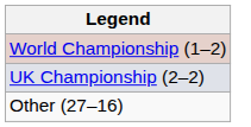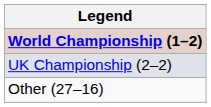 <table class="wikitable">
 <tr>
 <th>Legend</th>
 </tr>
 <tr style="background:#e5d1cb;">
-<td><a href='#'>World Championship</a> (1–2)</td>
+<td><strong><a href='#'>World Championship</a> (1–2)</strong></td>
 </tr>
 <tr style="background:#dfe2e9;">
 <td><a href='#'>UK Championship</a> (2–2)</td>
 </tr>
 <tr bgcolor=>
 <td>Other (27–16)</td>
 </tr>
 </table>
